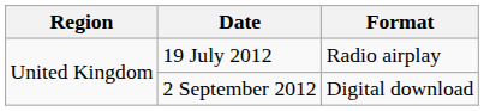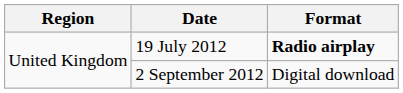 <table class=wikitable>
 <tr>
 <th>Region</th>
 <th>Date</th>
 <th>Format</th>
 </tr>
 <tr>
 <td rowspan="2">United Kingdom</td>
 <td>19 July 2012</td>
-<td>Radio airplay</td>
+<td><strong>Radio airplay</strong></td>
 </tr>
 <tr>
 <td>2 September 2012</td>
 <td>Digital download</td>
 </tr>
 </table>
